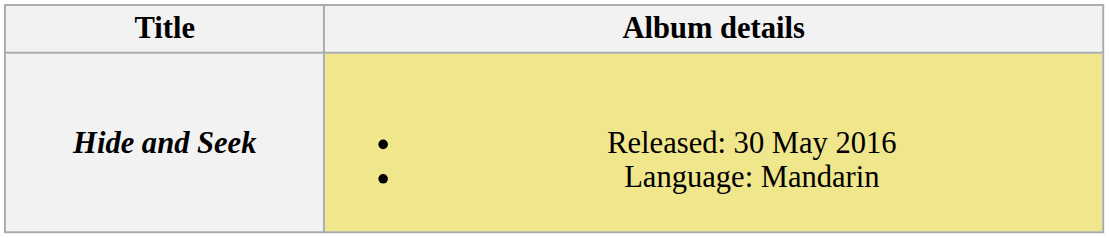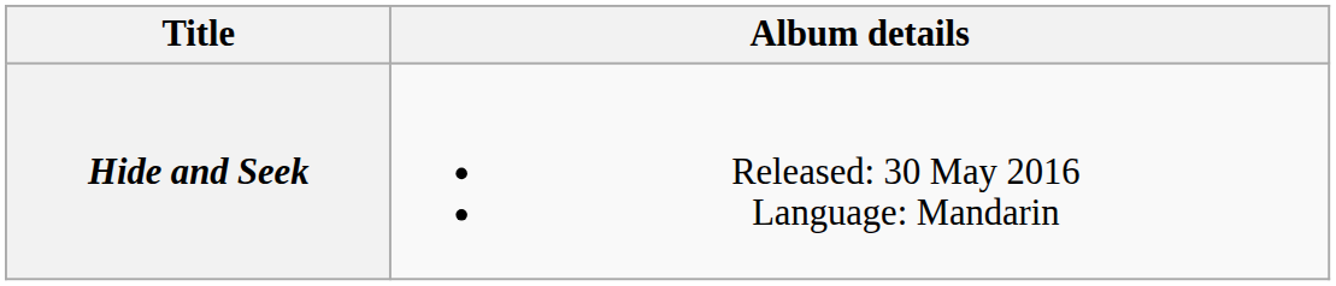 <table class="wikitable plainrowheaders" style="text-align:center;">
 <tr>
 <th scope="col" style="width:10em;">Title</th>
 <th scope="col" style="width:25em;">Album details</th>
 </tr>
 <tr>
 <th scope="row"><em>Hide and Seek</em></th>
-<td style="background: khaki;"><br><ul><li>Released: 30 May 2016</li><li>Language: Mandarin</li></ul></td>
+<td><br><ul><li>Released: 30 May 2016</li><li>Language: Mandarin</li></ul></td>
 </tr>
 </table>
